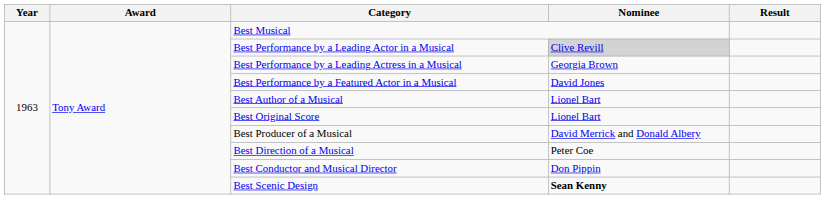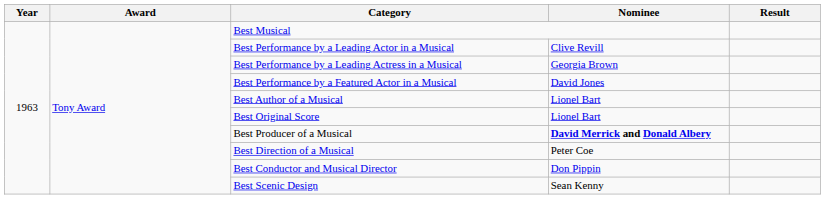 <table class="wikitable" style="width:95%;">
 <tr>
 <th style="width:5%;">Year</th>
 <th style="width:20%;">Award</th>
 <th style="width:35%;">Category</th>
 <th style="width:20%;">Nominee</th>
 <th style="width:10%;">Result</th>
 </tr>
 <tr>
 <td rowspan="10" style="text-align:center;">1963</td>
 <td rowspan="10"><a href='#'>Tony Award</a></td>
 <td colspan="2"><a href='#'>Best Musical</a></td>
 <td></td>
 </tr>
 <tr>
 <td><a href='#'>Best Performance by a Leading Actor in a Musical</a></td>
-<td style="background: lightgrey;"><a href='#'>Clive Revill</a></td>
+<td><a href='#'>Clive Revill</a></td>
 <td></td>
 </tr>
 <tr>
 <td><a href='#'>Best Performance by a Leading Actress in a Musical</a></td>
 <td><a href='#'>Georgia Brown</a></td>
 <td></td>
 </tr>
 <tr>
 <td><a href='#'>Best Performance by a Featured Actor in a Musical</a></td>
 <td><a href='#'>David Jones</a></td>
 <td></td>
 </tr>
 <tr>
 <td><a href='#'>Best Author of a Musical</a></td>
 <td><a href='#'>Lionel Bart</a></td>
 <td></td>
 </tr>
 <tr>
 <td><a href='#'>Best Original Score</a></td>
 <td><a href='#'>Lionel Bart</a></td>
 <td></td>
 </tr>
 <tr>
 <td>Best Producer of a Musical</td>
-<td><a href='#'>David Merrick</a> and <a href='#'>Donald Albery</a></td>
+<td><strong><a href='#'>David Merrick</a> and <a href='#'>Donald Albery</a></strong></td>
 <td></td>
 </tr>
 <tr>
 <td><a href='#'>Best Direction of a Musical</a></td>
 <td>Peter Coe</td>
 <td></td>
 </tr>
 <tr>
 <td><a href='#'>Best Conductor and Musical Director</a></td>
 <td><a href='#'>Don Pippin</a></td>
 <td></td>
 </tr>
 <tr>
 <td><a href='#'>Best Scenic Design</a></td>
-<td><strong>Sean Kenny</strong></td>
+<td>Sean Kenny</td>
 <td></td>
 </tr>
 </table>
